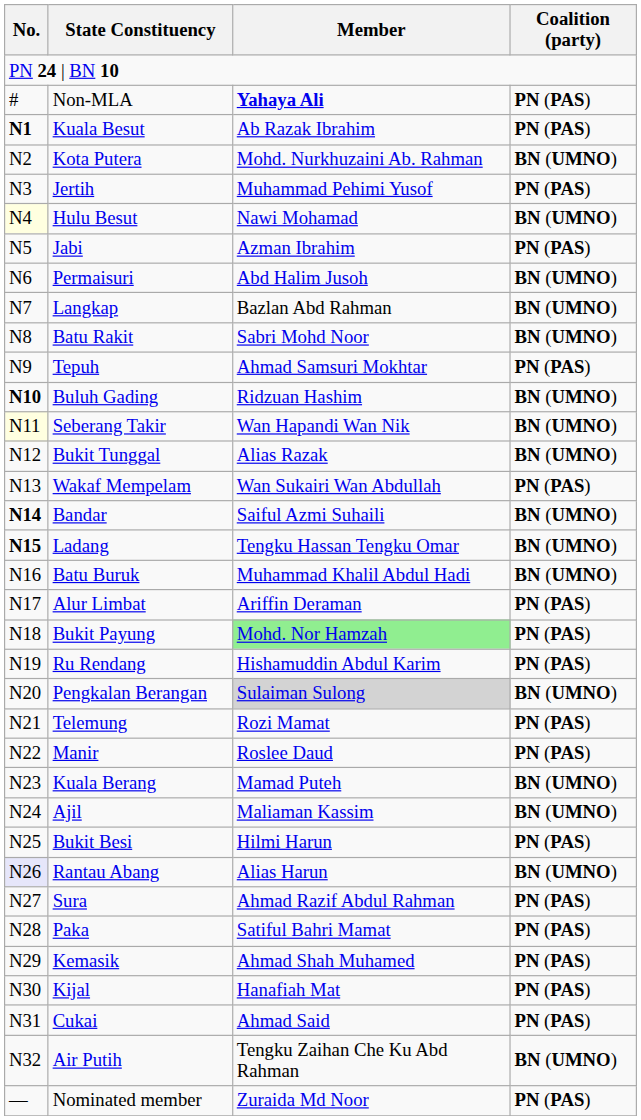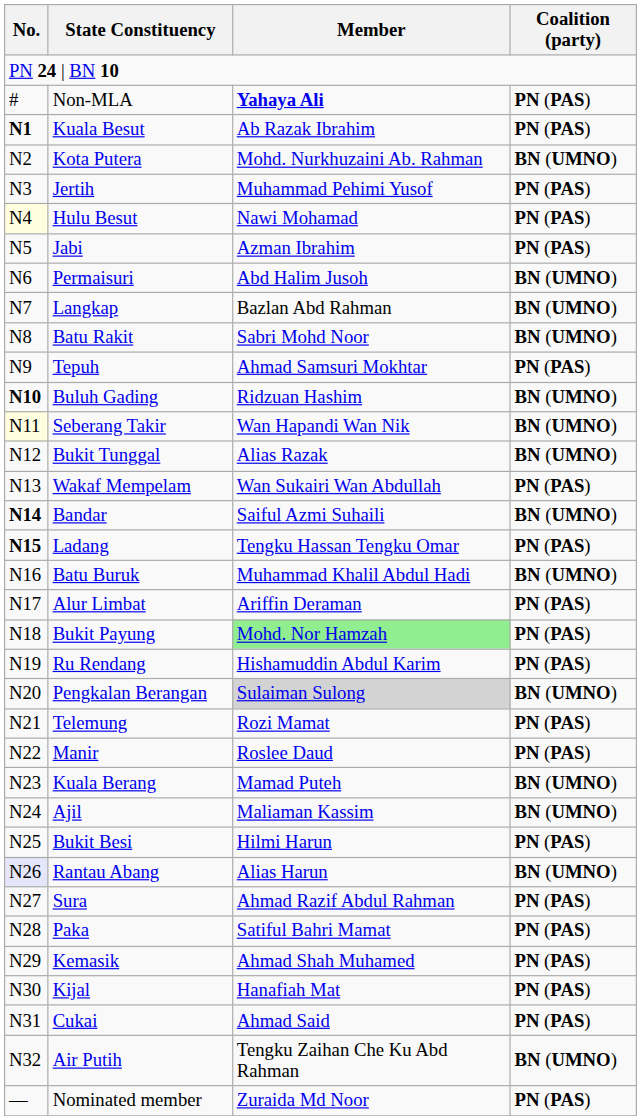 <table class="wikitable sortable">
 <tr>
 <th style="width:30px;">No.</th>
 <th style="width:150px;">State Constituency</th>
 <th style="width:230px;">Member</th>
 <th style="width:100px;">Coalition (party)</th>
 </tr>
 <tr>
 <td colspan="7"><a href='#'>PN</a> <strong>24</strong> | <a href='#'>BN</a> <strong>10</strong></td>
 </tr>
 <tr>
 <td>#</td>
 <td>Non-MLA</td>
 <td><strong><a href='#'>Yahaya Ali</a></strong></td>
 <td style="background:"><strong>PN</strong> (<strong>PAS</strong>)</td>
 </tr>
 <tr>
 <td><strong>N1</strong></td>
 <td><a href='#'>Kuala Besut</a></td>
 <td><a href='#'>Ab Razak Ibrahim</a></td>
 <td style="background:"><strong>PN</strong> (<strong>PAS</strong>)</td>
 </tr>
 <tr>
 <td>N2</td>
 <td><a href='#'>Kota Putera</a></td>
 <td><a href='#'>Mohd. Nurkhuzaini Ab. Rahman</a></td>
 <td style="background:"><strong>BN</strong> (<strong>UMNO</strong>)</td>
 </tr>
 <tr>
 <td>N3</td>
 <td><a href='#'>Jertih</a></td>
 <td><a href='#'>Muhammad Pehimi Yusof</a></td>
 <td style="background:"><strong>PN</strong> (<strong>PAS</strong>)</td>
 </tr>
 <tr>
 <td style="background: lightyellow;">N4</td>
 <td><a href='#'>Hulu Besut</a></td>
 <td><a href='#'>Nawi Mohamad</a></td>
-<td style="background:"><strong>BN</strong> (<strong>UMNO</strong>)</td>
+<td style="background:"><strong>PN</strong> (<strong>PAS</strong>)</td>
 </tr>
 <tr>
 <td>N5</td>
 <td><a href='#'>Jabi</a></td>
 <td><a href='#'>Azman Ibrahim</a></td>
 <td style="background:"><strong>PN</strong> (<strong>PAS</strong>)</td>
 </tr>
 <tr>
 <td>N6</td>
 <td><a href='#'>Permaisuri</a></td>
 <td><a href='#'>Abd Halim Jusoh</a></td>
 <td style="background:"><strong>BN</strong> (<strong>UMNO</strong>)</td>
 </tr>
 <tr>
 <td>N7</td>
 <td><a href='#'>Langkap</a></td>
 <td>Bazlan Abd Rahman</td>
 <td style="background:"><strong>BN</strong> (<strong>UMNO</strong>)</td>
 </tr>
 <tr>
 <td>N8</td>
 <td><a href='#'>Batu Rakit</a></td>
 <td><a href='#'>Sabri Mohd Noor</a></td>
 <td style="background:"><strong>BN</strong> (<strong>UMNO</strong>)</td>
 </tr>
 <tr>
 <td>N9</td>
 <td><a href='#'>Tepuh</a></td>
 <td><a href='#'>Ahmad Samsuri Mokhtar</a></td>
 <td style="background:"><strong>PN</strong> (<strong>PAS</strong>)</td>
 </tr>
 <tr>
 <td><strong>N10</strong></td>
 <td><a href='#'>Buluh Gading</a></td>
 <td><a href='#'>Ridzuan Hashim</a></td>
 <td style="background:"><strong>BN</strong> (<strong>UMNO</strong>)</td>
 </tr>
 <tr>
 <td style="background: lightyellow;">N11</td>
 <td><a href='#'>Seberang Takir</a></td>
 <td><a href='#'>Wan Hapandi Wan Nik</a></td>
 <td style="background:"><strong>BN</strong> (<strong>UMNO</strong>)</td>
 </tr>
 <tr>
 <td>N12</td>
 <td><a href='#'>Bukit Tunggal</a></td>
 <td><a href='#'>Alias Razak</a></td>
 <td style="background:"><strong>BN</strong> (<strong>UMNO</strong>)</td>
 </tr>
 <tr>
 <td>N13</td>
 <td><a href='#'>Wakaf Mempelam</a></td>
 <td><a href='#'>Wan Sukairi Wan Abdullah</a></td>
 <td style="background:"><strong>PN</strong> (<strong>PAS</strong>)</td>
 </tr>
 <tr>
 <td><strong>N14</strong></td>
 <td><a href='#'>Bandar</a></td>
 <td><a href='#'>Saiful Azmi Suhaili</a></td>
 <td style="background:"><strong>BN</strong> (<strong>UMNO</strong>)</td>
 </tr>
 <tr>
 <td><strong>N15</strong></td>
 <td><a href='#'>Ladang</a></td>
 <td><a href='#'>Tengku Hassan Tengku Omar</a></td>
-<td style="background:"><strong>BN</strong> (<strong>UMNO</strong>)</td>
+<td style="background:"><strong>PN</strong> (<strong>PAS</strong>)</td>
 </tr>
 <tr>
 <td>N16</td>
 <td><a href='#'>Batu Buruk</a></td>
 <td><a href='#'>Muhammad Khalil Abdul Hadi</a></td>
 <td style="background:"><strong>BN</strong> (<strong>UMNO</strong>)</td>
 </tr>
 <tr>
 <td>N17</td>
 <td><a href='#'>Alur Limbat</a></td>
 <td><a href='#'>Ariffin Deraman</a></td>
 <td style="background:"><strong>PN</strong> (<strong>PAS</strong>)</td>
 </tr>
 <tr>
 <td>N18</td>
 <td><a href='#'>Bukit Payung</a></td>
 <td style="background: lightgreen;"><a href='#'>Mohd. Nor Hamzah</a></td>
 <td style="background:"><strong>PN</strong> (<strong>PAS</strong>)</td>
 </tr>
 <tr>
 <td>N19</td>
 <td><a href='#'>Ru Rendang</a></td>
 <td><a href='#'>Hishamuddin Abdul Karim</a></td>
 <td style="background:"><strong>PN</strong> (<strong>PAS</strong>)</td>
 </tr>
 <tr>
 <td>N20</td>
 <td><a href='#'>Pengkalan Berangan</a></td>
 <td style="background: lightgrey;"><a href='#'>Sulaiman Sulong</a></td>
 <td style="background:"><strong>BN</strong> (<strong>UMNO</strong>)</td>
 </tr>
 <tr>
 <td>N21</td>
 <td><a href='#'>Telemung</a></td>
 <td><a href='#'>Rozi Mamat</a></td>
 <td style="background:"><strong>PN</strong> (<strong>PAS</strong>)</td>
 </tr>
 <tr>
 <td>N22</td>
 <td><a href='#'>Manir</a></td>
 <td><a href='#'>Roslee Daud</a></td>
 <td style="background:"><strong>PN</strong> (<strong>PAS</strong>)</td>
 </tr>
 <tr>
 <td>N23</td>
 <td><a href='#'>Kuala Berang</a></td>
 <td><a href='#'>Mamad Puteh</a></td>
 <td style="background:"><strong>BN</strong> (<strong>UMNO</strong>)</td>
 </tr>
 <tr>
 <td>N24</td>
 <td><a href='#'>Ajil</a></td>
 <td><a href='#'>Maliaman Kassim</a></td>
 <td style="background:"><strong>BN</strong> (<strong>UMNO</strong>)</td>
 </tr>
 <tr>
 <td>N25</td>
 <td><a href='#'>Bukit Besi</a></td>
 <td><a href='#'>Hilmi Harun</a></td>
 <td style="background:"><strong>PN</strong> (<strong>PAS</strong>)</td>
 </tr>
 <tr>
 <td style="background: lavender;">N26</td>
 <td><a href='#'>Rantau Abang</a></td>
 <td><a href='#'>Alias Harun</a></td>
 <td style="background:"><strong>BN</strong> (<strong>UMNO</strong>)</td>
 </tr>
 <tr>
 <td>N27</td>
 <td><a href='#'>Sura</a></td>
 <td><a href='#'>Ahmad Razif Abdul Rahman</a></td>
 <td style="background:"><strong>PN</strong> (<strong>PAS</strong>)</td>
 </tr>
 <tr>
 <td>N28</td>
 <td><a href='#'>Paka</a></td>
 <td><a href='#'>Satiful Bahri Mamat</a></td>
 <td style="background:"><strong>PN</strong> (<strong>PAS</strong>)</td>
 </tr>
 <tr>
 <td>N29</td>
 <td><a href='#'>Kemasik</a></td>
 <td><a href='#'>Ahmad Shah Muhamed</a></td>
 <td style="background:"><strong>PN</strong> (<strong>PAS</strong>)</td>
 </tr>
 <tr>
 <td>N30</td>
 <td><a href='#'>Kijal</a></td>
 <td><a href='#'>Hanafiah Mat</a></td>
 <td style="background:"><strong>PN</strong> (<strong>PAS</strong>)</td>
 </tr>
 <tr>
 <td>N31</td>
 <td><a href='#'>Cukai</a></td>
 <td><a href='#'>Ahmad Said</a></td>
 <td style="background:"><strong>PN</strong> (<strong>PAS</strong>)</td>
 </tr>
 <tr>
 <td>N32</td>
 <td><a href='#'>Air Putih</a></td>
 <td>Tengku Zaihan Che Ku Abd Rahman</td>
 <td style="background:"><strong>BN</strong> (<strong>UMNO</strong>)</td>
 </tr>
 <tr>
 <td>—</td>
 <td>Nominated member</td>
 <td><a href='#'>Zuraida Md Noor</a></td>
 <td style="background:"><strong>PN</strong> (<strong>PAS</strong>)</td>
 </tr>
 <tr>
 </tr>
 </table>
